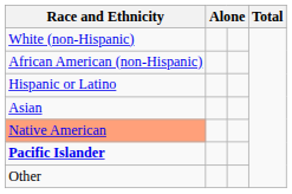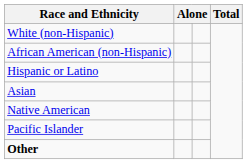 <table class="wikitable sortable collapsible"; text-align:right; font-size:80%;">
 <tr>
 <th>Race and Ethnicity</th>
 <th colspan="2" data-sort-type=number>Alone</th>
 <th colspan="2" data-sort-type=number>Total</th>
 </tr>
 <tr>
 <td><a href='#'>White (non-Hispanic)</a></td>
 <td align=right></td>
 <td align=right></td>
 </tr>
 <tr>
 <td><a href='#'>African American (non-Hispanic)</a></td>
 <td align=right></td>
 <td align=right></td>
 </tr>
 <tr>
 <td><a href='#'>Hispanic or Latino</a></td>
 <td align=right></td>
 <td align=right></td>
 </tr>
 <tr>
 <td><a href='#'>Asian</a></td>
 <td align=right></td>
 <td align=right></td>
 </tr>
 <tr>
-<td style="background: lightsalmon;"><a href='#'>Native American</a></td>
+<td><a href='#'>Native American</a></td>
 <td align=right></td>
 <td align=right></td>
 </tr>
 <tr>
-<td><strong><a href='#'>Pacific Islander</a></strong></td>
+<td><a href='#'>Pacific Islander</a></td>
 <td align=right></td>
 <td align=right></td>
 </tr>
 <tr>
-<td>Other</td>
+<td><strong>Other</strong></td>
 <td align=right></td>
 <td align=right></td>
 </tr>
 </table>
